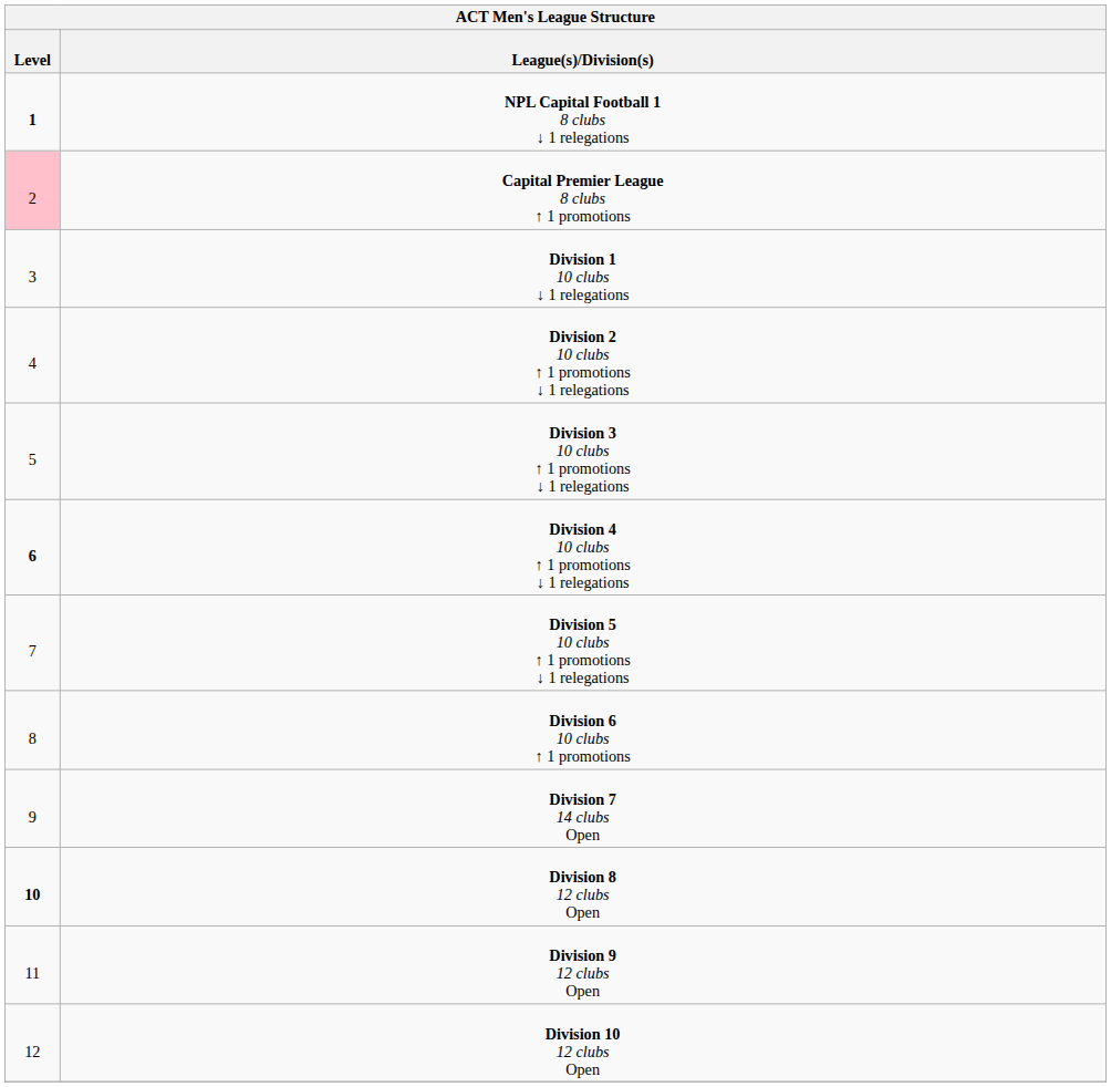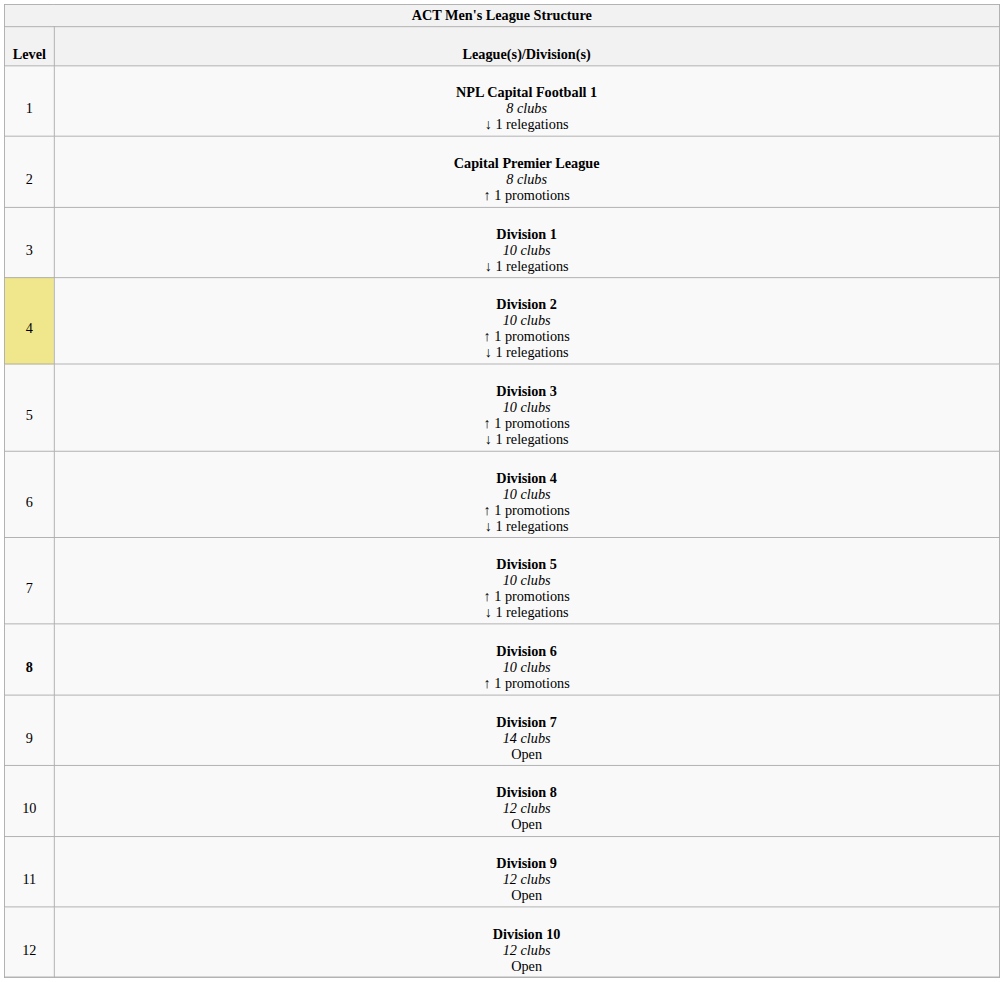 <table class="wikitable collapsible collapsed" style="text-align: center">
 <tr>
 <th colspan="2">ACT Men's League Structure</th>
 </tr>
 <tr>
 <th colspan="1" width="4%"><br>Level</th>
 <th colspan="6" width="76%"><br>League(s)/Division(s)</th>
 </tr>
 <tr>
-<td colspan="1" width="4%"><strong><br>1</strong></td>
+<td colspan="1" width="4%"><br>1</td>
 <td colspan="6" width="76%"><br><strong>NPL Capital Football 1</strong><br> <em>8 clubs</em> <br> ↓ 1 relegations</td>
 </tr>
 <tr>
-<td colspan="1" width="4%" style="background: pink;"><br>2</td>
+<td colspan="1" width="4%"><br>2</td>
 <td colspan="6" width="76%"><br><strong>Capital Premier League</strong><br> <em>8 clubs</em> <br> ↑ 1 promotions</td>
 </tr>
 <tr>
 <td colspan="1" width="4%"><br>3</td>
 <td colspan="6" width="76%"><br><strong>Division 1</strong><br> <em>10 clubs</em> <br> ↓ 1 relegations</td>
 </tr>
 <tr>
-<td colspan="1" width="4%"><br>4</td>
+<td colspan="1" width="4%" style="background: khaki;"><br>4</td>
 <td colspan="6" width="76%"><br><strong>Division 2</strong><br> <em>10 clubs</em> <br> ↑ 1 promotions <br>↓ 1 relegations</td>
 </tr>
 <tr>
 <td colspan="1" width="4%"><br>5</td>
 <td colspan="6" width="76%"><br><strong>Division 3</strong><br> <em>10 clubs</em> <br> ↑ 1 promotions <br>↓ 1 relegations</td>
 </tr>
 <tr>
-<td colspan="1" width="4%"><strong><br>6</strong></td>
+<td colspan="1" width="4%"><br>6</td>
 <td colspan="6" width="76%"><br><strong>Division 4</strong><br> <em>10 clubs</em> <br> ↑ 1 promotions <br>↓ 1 relegations</td>
 </tr>
 <tr>
 <td colspan="1" width="4%"><br>7</td>
 <td colspan="6" width="76%"><br><strong>Division 5</strong><br> <em>10 clubs</em> <br> ↑ 1 promotions <br>↓ 1 relegations</td>
 </tr>
 <tr>
-<td colspan="1" width="4%"><br>8</td>
+<td colspan="1" width="4%"><strong><br>8</strong></td>
 <td colspan="6" width="76%"><br><strong>Division 6</strong><br> <em>10 clubs</em> <br> ↑ 1 promotions</td>
 </tr>
 <tr>
 <td colspan="1" width="4%"><br>9</td>
 <td colspan="6" width="76%"><br><strong>Division 7</strong><br> <em>14 clubs</em> <br> Open</td>
 </tr>
 <tr>
-<td colspan="1" width="4%"><strong><br>10</strong></td>
+<td colspan="1" width="4%"><br>10</td>
 <td colspan="6" width="76%"><br><strong>Division 8</strong><br> <em>12 clubs</em> <br> Open</td>
 </tr>
 <tr>
 <td colspan="1" width="4%"><br>11</td>
 <td colspan="6" width="76%"><br><strong>Division 9</strong><br> <em>12 clubs</em> <br> Open</td>
 </tr>
 <tr>
 <td colspan="1" width="4%"><br>12</td>
 <td colspan="6" width="76%"><br><strong>Division 10</strong><br> <em>12 clubs</em> <br> Open</td>
 </tr>
 <tr>
 </tr>
 </table>
